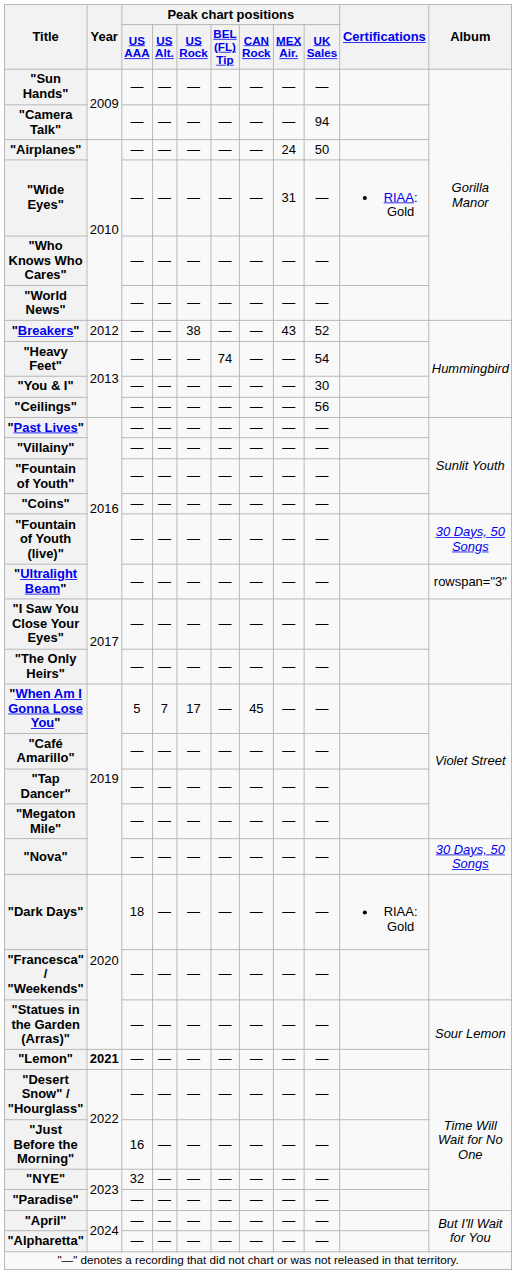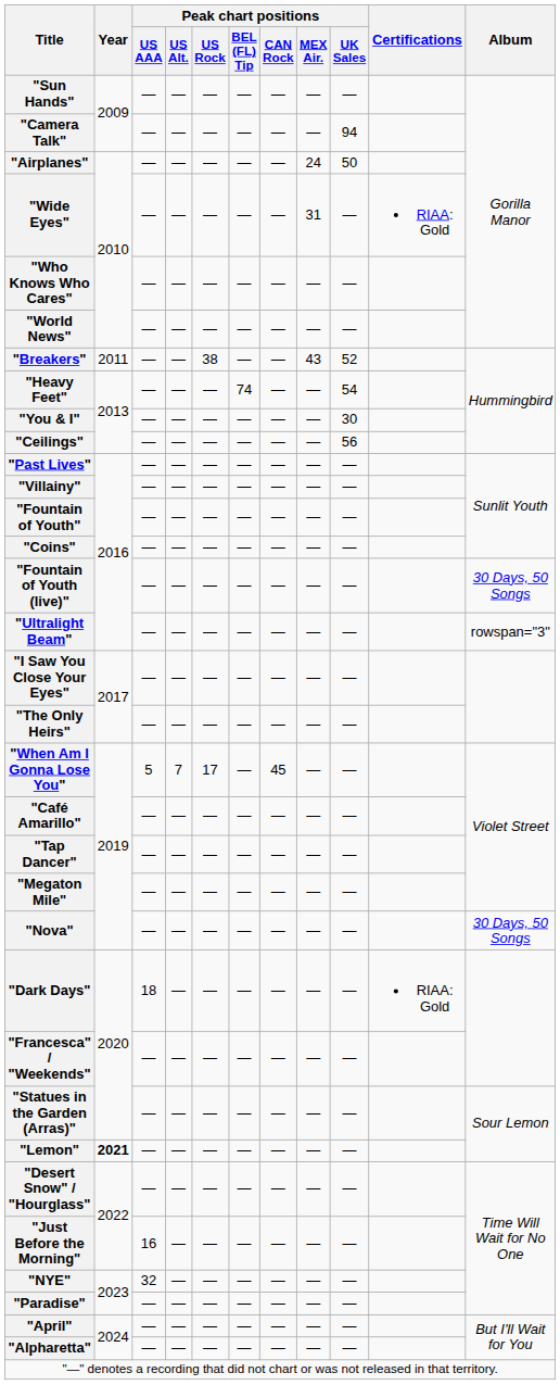 <table class="wikitable plainrowheaders" style="text-align:center;" border="1">
 <tr>
 <th scope="col" rowspan="2" style="width:18em;">Title</th>
 <th scope="col" rowspan="2">Year</th>
 <th scope="col" colspan="7">Peak chart positions</th>
 <th scope="col" rowspan="2"><a href='#'>Certifications</a></th>
 <th scope="col" rowspan="2">Album</th>
 </tr>
 <tr>
 <th scope="col" style="width:2.7em;font-size:90%;"><a href='#'>US<br>AAA</a><br></th>
 <th scope="col" style="width:2.7em;font-size:90%;"><a href='#'>US<br>Alt.</a><br></th>
 <th scope="col" style="width:2.7em;font-size:90%;"><a href='#'>US<br>Rock</a><br></th>
 <th scope="col" style="width:2.7em;font-size:90%;"><a href='#'>BEL<br>(FL)<br>Tip</a><br></th>
 <th scope="col" style="width:2.7em;font-size:90%;"><a href='#'>CAN<br>Rock</a><br></th>
 <th scope="col" style="width:2.7em;font-size:90%;"><a href='#'>MEX<br>Air.</a><br></th>
 <th scope="col" style="width:2.7em;font-size:90%;"><a href='#'>UK<br>Sales</a><br></th>
 </tr>
 <tr>
 <th scope="row">"Sun Hands"</th>
 <td rowspan="2">2009</td>
 <td>—</td>
 <td>—</td>
 <td>—</td>
 <td>—</td>
 <td>—</td>
 <td>—</td>
 <td>—</td>
 <td></td>
 <td rowspan="6"><em>Gorilla Manor</em></td>
 </tr>
 <tr>
 <th scope="row">"Camera Talk"</th>
 <td>—</td>
 <td>—</td>
 <td>—</td>
 <td>—</td>
 <td>—</td>
 <td>—</td>
 <td>94</td>
 <td></td>
 </tr>
 <tr>
 <th scope="row">"Airplanes"</th>
 <td rowspan="4">2010</td>
 <td>—</td>
 <td>—</td>
 <td>—</td>
 <td>—</td>
 <td>—</td>
 <td>24</td>
 <td>50</td>
 <td></td>
 </tr>
 <tr>
 <th scope="row">"Wide Eyes"</th>
 <td>—</td>
 <td>—</td>
 <td>—</td>
 <td>—</td>
 <td>—</td>
 <td>31</td>
 <td>—</td>
 <td><br><ul><li><a href='#'>RIAA</a>: Gold </li></ul></td>
 </tr>
 <tr>
 <th scope="row">"Who Knows Who Cares"</th>
 <td>—</td>
 <td>—</td>
 <td>—</td>
 <td>—</td>
 <td>—</td>
 <td>—</td>
 <td>—</td>
 <td></td>
 </tr>
 <tr>
 <th scope="row">"World News"</th>
 <td>—</td>
 <td>—</td>
 <td>—</td>
 <td>—</td>
 <td>—</td>
 <td>—</td>
 <td>—</td>
 <td></td>
 </tr>
 <tr>
 <th scope="row">"<a href='#'>Breakers</a>"</th>
-<td>2012</td>
+<td>2011</td>
 <td>—</td>
 <td>—</td>
 <td>38</td>
 <td>—</td>
 <td>—</td>
 <td>43</td>
 <td>52</td>
 <td></td>
 <td rowspan="4"><em>Hummingbird</em></td>
 </tr>
 <tr>
 <th scope="row">"Heavy Feet"</th>
 <td rowspan="3">2013</td>
 <td>—</td>
 <td>—</td>
 <td>—</td>
 <td>74</td>
 <td>—</td>
 <td>—</td>
 <td>54</td>
 <td></td>
 </tr>
 <tr>
 <th scope="row">"You & I"</th>
 <td>—</td>
 <td>—</td>
 <td>—</td>
 <td>—</td>
 <td>—</td>
 <td>—</td>
 <td>30</td>
 <td></td>
 </tr>
 <tr>
 <th scope="row">"Ceilings"</th>
 <td>—</td>
 <td>—</td>
 <td>—</td>
 <td>—</td>
 <td>—</td>
 <td>—</td>
 <td>56</td>
 <td></td>
 </tr>
 <tr>
 <th scope="row">"<a href='#'>Past Lives</a>"</th>
 <td rowspan="6">2016</td>
 <td>—</td>
 <td>—</td>
 <td>—</td>
 <td>—</td>
 <td>—</td>
 <td>—</td>
 <td>—</td>
 <td></td>
 <td rowspan="4"><em>Sunlit Youth</em></td>
 </tr>
 <tr>
 <th scope="row">"Villainy"</th>
 <td>—</td>
 <td>—</td>
 <td>—</td>
 <td>—</td>
 <td>—</td>
 <td>—</td>
 <td>—</td>
 <td></td>
 </tr>
 <tr>
 <th scope="row">"Fountain of Youth"</th>
 <td>—</td>
 <td>—</td>
 <td>—</td>
 <td>—</td>
 <td>—</td>
 <td>—</td>
 <td>—</td>
 <td></td>
 </tr>
 <tr>
 <th scope="row">"Coins"</th>
 <td>—</td>
 <td>—</td>
 <td>—</td>
 <td>—</td>
 <td>—</td>
 <td>—</td>
 <td>—</td>
 <td></td>
 </tr>
 <tr>
 <th scope="row">"Fountain of Youth (live)"</th>
 <td>—</td>
 <td>—</td>
 <td>—</td>
 <td>—</td>
 <td>—</td>
 <td>—</td>
 <td>—</td>
 <td></td>
 <td><em><a href='#'>30 Days, 50 Songs</a></em></td>
 </tr>
 <tr>
 <th scope="row">"<a href='#'>Ultralight Beam</a>"</th>
 <td>—</td>
 <td>—</td>
 <td>—</td>
 <td>—</td>
 <td>—</td>
 <td>—</td>
 <td>—</td>
 <td></td>
 <td>rowspan="3" </td>
 </tr>
 <tr>
 <th scope="row">"I Saw You Close Your Eyes"</th>
 <td rowspan="2">2017</td>
 <td>—</td>
 <td>—</td>
 <td>—</td>
 <td>—</td>
 <td>—</td>
 <td>—</td>
 <td>—</td>
 <td></td>
 </tr>
 <tr>
 <th scope="row">"The Only Heirs"</th>
 <td>—</td>
 <td>—</td>
 <td>—</td>
 <td>—</td>
 <td>—</td>
 <td>—</td>
 <td>—</td>
 <td></td>
 </tr>
 <tr>
 <th scope="row">"<a href='#'>When Am I Gonna Lose You</a>"</th>
 <td rowspan="5">2019</td>
 <td>5</td>
 <td>7</td>
 <td>17</td>
 <td>—</td>
 <td>45</td>
 <td>—</td>
 <td>—</td>
 <td></td>
 <td rowspan="4"><em>Violet Street</em></td>
 </tr>
 <tr>
 <th scope="row">"Café Amarillo"</th>
 <td>—</td>
 <td>—</td>
 <td>—</td>
 <td>—</td>
 <td>—</td>
 <td>—</td>
 <td>—</td>
 <td></td>
 </tr>
 <tr>
 <th scope="row">"Tap Dancer"</th>
 <td>—</td>
 <td>—</td>
 <td>—</td>
 <td>—</td>
 <td>—</td>
 <td>—</td>
 <td>—</td>
 <td></td>
 </tr>
 <tr>
 <th scope="row">"Megaton Mile"</th>
 <td>—</td>
 <td>—</td>
 <td>—</td>
 <td>—</td>
 <td>—</td>
 <td>—</td>
 <td>—</td>
 <td></td>
 </tr>
 <tr>
 <th scope="row">"Nova"</th>
 <td>—</td>
 <td>—</td>
 <td>—</td>
 <td>—</td>
 <td>—</td>
 <td>—</td>
 <td>—</td>
 <td></td>
 <td><em><a href='#'>30 Days, 50 Songs</a></em></td>
 </tr>
 <tr>
 <th scope="row">"Dark Days"<br></th>
 <td rowspan="3">2020</td>
 <td>18</td>
 <td>—</td>
 <td>—</td>
 <td>—</td>
 <td>—</td>
 <td>—</td>
 <td>—</td>
 <td><br><ul><li>RIAA: Gold </li></ul></td>
 </tr>
 <tr>
 <th scope="row">"Francesca" / "Weekends"<br></th>
 <td>—</td>
 <td>—</td>
 <td>—</td>
 <td>—</td>
 <td>—</td>
 <td>—</td>
 <td>—</td>
 <td></td>
 </tr>
 <tr>
 <th scope="row">"Statues in the Garden (Arras)"</th>
 <td>—</td>
 <td>—</td>
 <td>—</td>
 <td>—</td>
 <td>—</td>
 <td>—</td>
 <td>—</td>
 <td></td>
 <td rowspan="2"><em>Sour Lemon</em></td>
 </tr>
 <tr>
 <th scope="row">"Lemon"<br></th>
 <td><strong>2021</strong></td>
 <td>—</td>
 <td>—</td>
 <td>—</td>
 <td>—</td>
 <td>—</td>
 <td>—</td>
 <td>—</td>
 <td></td>
 </tr>
 <tr>
 <th scope="row">"Desert Snow" / "Hourglass"</th>
 <td rowspan="2">2022</td>
 <td>—</td>
 <td>—</td>
 <td>—</td>
 <td>—</td>
 <td>—</td>
 <td>—</td>
 <td>—</td>
 <td></td>
 <td rowspan="4"><em>Time Will Wait for No One</em></td>
 </tr>
 <tr>
 <th scope="row">"Just Before the Morning"</th>
 <td>16</td>
 <td>—</td>
 <td>—</td>
 <td>—</td>
 <td>—</td>
 <td>—</td>
 <td>—</td>
 <td></td>
 </tr>
 <tr>
 <th scope="row">"NYE"</th>
 <td rowspan="2">2023</td>
 <td>32</td>
 <td>—</td>
 <td>—</td>
 <td>—</td>
 <td>—</td>
 <td>—</td>
 <td>—</td>
 <td></td>
 </tr>
 <tr>
 <th scope="row">"Paradise"</th>
 <td>—</td>
 <td>—</td>
 <td>—</td>
 <td>—</td>
 <td>—</td>
 <td>—</td>
 <td>—</td>
 <td></td>
 </tr>
 <tr>
 <th scope="row">"April"</th>
 <td rowspan="2">2024</td>
 <td>—</td>
 <td>—</td>
 <td>—</td>
 <td>—</td>
 <td>—</td>
 <td>—</td>
 <td>—</td>
 <td></td>
 <td rowspan="2"><em>But I'll Wait for You</em></td>
 </tr>
 <tr>
 <th scope="row">"Alpharetta"</th>
 <td>—</td>
 <td>—</td>
 <td>—</td>
 <td>—</td>
 <td>—</td>
 <td>—</td>
 <td>—</td>
 <td></td>
 </tr>
 <tr>
 <td colspan="15" style="font-size:90%">"—" denotes a recording that did not chart or was not released in that territory.</td>
 </tr>
 </table>
